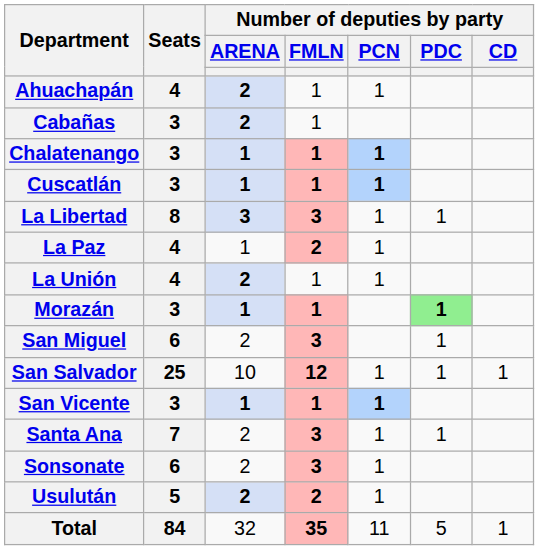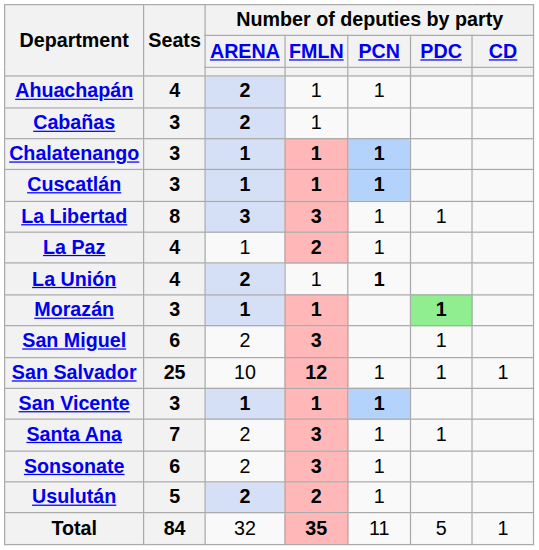 <table class="wikitable" style="text-align:center">
 <tr>
 <th rowspan="3">Department</th>
 <th rowspan="3">Seats</th>
 <th colspan="7">Number of deputies by party</th>
 </tr>
 <tr>
 <th style="width:43px;"><a href='#'>ARENA</a></th>
 <th style="width:43px;"><a href='#'>FMLN</a></th>
 <th style="width:43px;"><a href='#'>PCN</a></th>
 <th style="width:43px;"><a href='#'>PDC</a></th>
 <th style="width:43px;"><a href='#'>CD</a></th>
 </tr>
 <tr>
 <th style="background:"></th>
 <th style="background:"></th>
 <th style="background:"></th>
 <th style="background:"></th>
 <th style="background:"></th>
 </tr>
 <tr>
 <th><a href='#'>Ahuachapán</a></th>
 <th>4</th>
 <td style="background:#D5E0F6;"><strong>2</strong></td>
 <td>1</td>
 <td>1</td>
 <td></td>
 <td></td>
 </tr>
 <tr>
 <th><a href='#'>Cabañas</a></th>
 <th>3</th>
 <td style="background:#D5E0F6;"><strong>2</strong></td>
 <td>1</td>
 <td></td>
 <td></td>
 <td></td>
 </tr>
 <tr>
 <th><a href='#'>Chalatenango</a></th>
 <th>3</th>
 <td style="background:#D5E0F6;"><strong>1</strong></td>
 <td style="background:#FFB7B7;"><strong>1</strong></td>
 <td style="background:#B3D3FC;"><strong>1</strong></td>
 <td></td>
 <td></td>
 </tr>
 <tr>
 <th><a href='#'>Cuscatlán</a></th>
 <th>3</th>
 <td style="background:#D5E0F6;"><strong>1</strong></td>
 <td style="background:#FFB7B7;"><strong>1</strong></td>
 <td style="background:#B3D3FC;"><strong>1</strong></td>
 <td></td>
 <td></td>
 </tr>
 <tr>
 <th><a href='#'>La Libertad</a></th>
 <th>8</th>
 <td style="background:#D5E0F6;"><strong>3</strong></td>
 <td style="background:#FFB7B7;"><strong>3</strong></td>
 <td>1</td>
 <td>1</td>
 <td></td>
 </tr>
 <tr>
 <th><a href='#'>La Paz</a></th>
 <th>4</th>
 <td>1</td>
 <td style="background:#FFB7B7;"><strong>2</strong></td>
 <td>1</td>
 <td></td>
 <td></td>
 </tr>
 <tr>
 <th><a href='#'>La Unión</a></th>
 <th>4</th>
 <td style="background:#D5E0F6;"><strong>2</strong></td>
 <td>1</td>
-<td>1</td>
+<td><strong>1</strong></td>
 <td></td>
 <td></td>
 </tr>
 <tr>
 <th><a href='#'>Morazán</a></th>
 <th>3</th>
 <td style="background:#D5E0F6;"><strong>1</strong></td>
 <td style="background:#FFB7B7;"><strong>1</strong></td>
 <td></td>
 <td style="background:#90EE90;"><strong>1</strong></td>
 <td></td>
 </tr>
 <tr>
 <th><a href='#'>San Miguel</a></th>
 <th>6</th>
 <td>2</td>
 <td style="background:#FFB7B7;"><strong>3</strong></td>
 <td></td>
 <td>1</td>
 <td></td>
 </tr>
 <tr>
 <th><a href='#'>San Salvador</a></th>
 <th>25</th>
 <td>10</td>
 <td style="background:#FFB7B7;"><strong>12</strong></td>
 <td>1</td>
 <td>1</td>
 <td>1</td>
 </tr>
 <tr>
 <th><a href='#'>San Vicente</a></th>
 <th>3</th>
 <td style="background:#D5E0F6;"><strong>1</strong></td>
 <td style="background:#FFB7B7;"><strong>1</strong></td>
 <td style="background:#B3D3FC;"><strong>1</strong></td>
 <td></td>
 <td></td>
 </tr>
 <tr>
 <th><a href='#'>Santa Ana</a></th>
 <th>7</th>
 <td>2</td>
 <td style="background:#FFB7B7;"><strong>3</strong></td>
 <td>1</td>
 <td>1</td>
 <td></td>
 </tr>
 <tr>
 <th><a href='#'>Sonsonate</a></th>
 <th>6</th>
 <td>2</td>
 <td style="background:#FFB7B7;"><strong>3</strong></td>
 <td>1</td>
 <td></td>
 <td></td>
 </tr>
 <tr>
 <th><a href='#'>Usulután</a></th>
 <th>5</th>
 <td style="background:#D5E0F6;"><strong>2</strong></td>
 <td style="background:#FFB7B7;"><strong>2</strong></td>
 <td>1</td>
 <td></td>
 <td></td>
 </tr>
 <tr>
 <th>Total</th>
 <th>84</th>
 <td>32</td>
 <td style="background:#FFB7B7;"><strong>35</strong></td>
 <td>11</td>
 <td>5</td>
 <td>1</td>
 </tr>
 </table>
